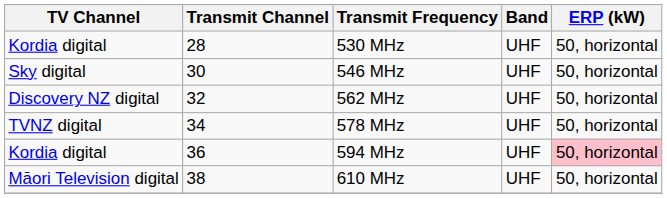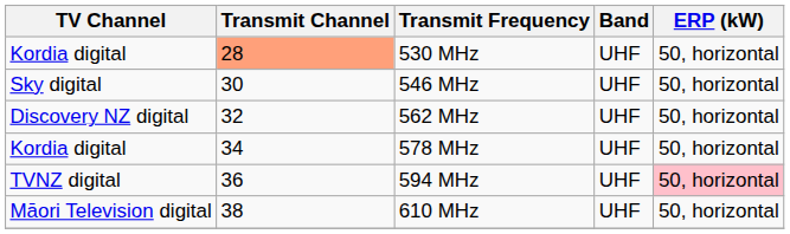 <table class="wikitable">
 <tr>
 <th>TV Channel</th>
 <th>Transmit Channel</th>
 <th>Transmit Frequency</th>
 <th>Band</th>
 <th><a href='#'>ERP</a> (kW)</th>
 </tr>
 <tr>
 <td><a href='#'>Kordia</a> digital</td>
-<td>28</td>
+<td style="background: lightsalmon;">28</td>
 <td>530 MHz</td>
 <td>UHF</td>
 <td>50, horizontal</td>
 </tr>
 <tr>
 <td><a href='#'>Sky</a> digital</td>
 <td>30</td>
 <td>546 MHz</td>
 <td>UHF</td>
 <td>50, horizontal</td>
 </tr>
 <tr>
 <td><a href='#'>Discovery NZ</a> digital</td>
 <td>32</td>
 <td>562 MHz</td>
 <td>UHF</td>
 <td>50, horizontal</td>
 </tr>
 <tr>
-<td><a href='#'>TVNZ</a> digital</td>
+<td><a href='#'>Kordia</a> digital</td>
 <td>34</td>
 <td>578 MHz</td>
 <td>UHF</td>
 <td>50, horizontal</td>
 </tr>
 <tr>
-<td><a href='#'>Kordia</a> digital</td>
+<td><a href='#'>TVNZ</a> digital</td>
 <td>36</td>
 <td>594 MHz</td>
 <td>UHF</td>
 <td style="background: pink;">50, horizontal</td>
 </tr>
 <tr>
 <td><a href='#'>Māori Television</a> digital</td>
 <td>38</td>
 <td>610 MHz</td>
 <td>UHF</td>
 <td>50, horizontal</td>
 </tr>
 <tr>
 </tr>
 </table>
